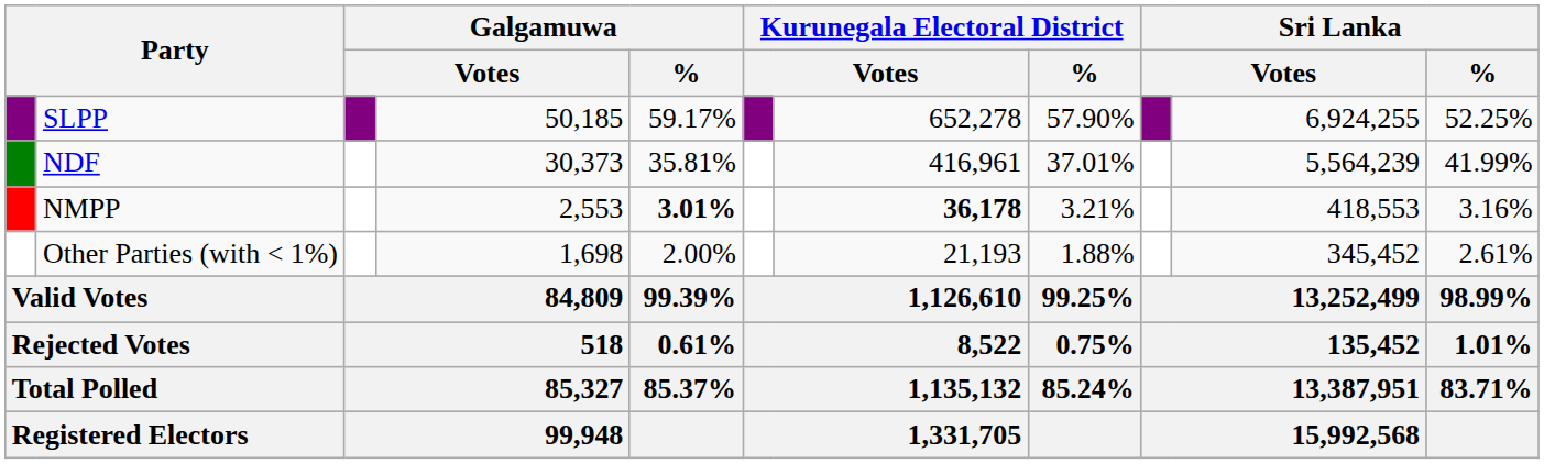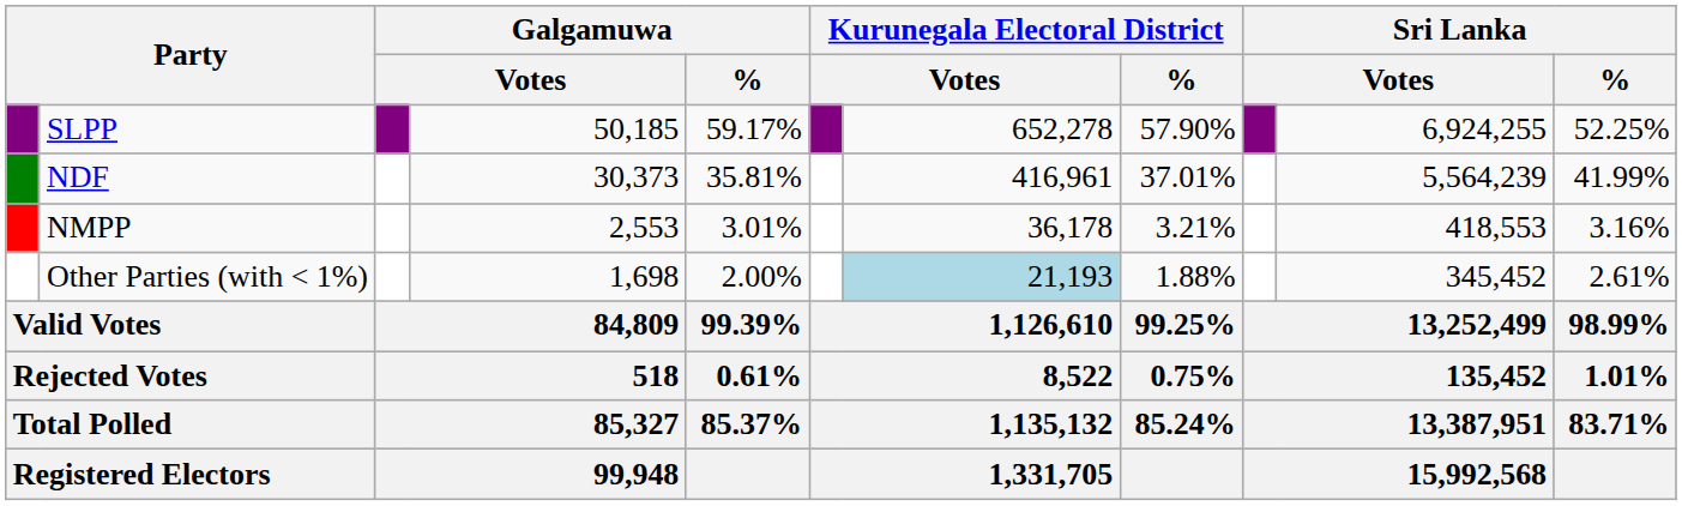 <table class="wikitable">
 <tr>
 <th colspan="2" width="144px"rowspan="2">Party</th>
 <th colspan="3" width="216px">Galgamuwa</th>
 <th colspan="3" width="216px"><a href='#'>Kurunegala Electoral District</a></th>
 <th colspan="3" width="216px">Sri Lanka</th>
 </tr>
 <tr>
 <th colspan="2" width="144px">Votes</th>
 <th>%</th>
 <th colspan="2" width="144px">Votes</th>
 <th>%</th>
 <th colspan="2" width="144px">Votes</th>
 <th>%</th>
 </tr>
 <tr>
 <td style="background-color:purple;" width="10px"></td>
 <td style="text-align:left;"><a href='#'>SLPP</a></td>
 <td style="background-color:purple;" width="10px"></td>
 <td style="text-align:right;">50,185</td>
 <td style="text-align:right;">59.17%</td>
 <td style="background-color:purple;" width="10px"></td>
 <td style="text-align:right;">652,278</td>
 <td style="text-align:right;">57.90%</td>
 <td style="background-color:purple;" width="10px"></td>
 <td style="text-align:right;">6,924,255</td>
 <td style="text-align:right;">52.25%</td>
 </tr>
 <tr>
 <td style="background-color:green;" width="10px"></td>
 <td style="text-align:left;"><a href='#'>NDF</a></td>
 <td style="background-color:white;" width="10px"></td>
 <td style="text-align:right;">30,373</td>
 <td style="text-align:right;">35.81%</td>
 <td style="background-color:white;" width="10px"></td>
 <td style="text-align:right;">416,961</td>
 <td style="text-align:right;">37.01%</td>
 <td style="background-color:white;" width="10px"></td>
 <td style="text-align:right;">5,564,239</td>
 <td style="text-align:right;">41.99%</td>
 </tr>
 <tr>
 <td style="background-color:red;" width="10px"></td>
 <td style="text-align:left;">NMPP</td>
 <td style="background-color:white;" width="10px"></td>
 <td style="text-align:right;">2,553</td>
-<td style="text-align:right;"><strong>3.01%</strong></td>
+<td style="text-align:right;">3.01%</td>
 <td style="background-color:white;" width="10px"></td>
-<td style="text-align:right;"><strong>36,178</strong></td>
+<td style="text-align:right;">36,178</td>
 <td style="text-align:right;">3.21%</td>
 <td style="background-color:white;" width="10px"></td>
 <td style="text-align:right;">418,553</td>
 <td style="text-align:right;">3.16%</td>
 </tr>
 <tr>
 <td style="background-color:white;" width="10px"></td>
 <td style="text-align:left;">Other Parties (with < 1%)</td>
 <td style="background-color:white;" width="10px"></td>
 <td style="text-align:right;">1,698</td>
 <td style="text-align:right;">2.00%</td>
 <td style="background-color:white;" width="10px"></td>
-<td style="text-align:right;">21,193</td>
+<td style="background: lightblue; text-align:right;">21,193</td>
 <td style="text-align:right;">1.88%</td>
 <td style="background-color:white;" width="10px"></td>
 <td style="text-align:right;">345,452</td>
 <td style="text-align:right;">2.61%</td>
 </tr>
 <tr>
 <th colspan="2" width="144px"style="text-align:left;">Valid Votes</th>
 <th style="text-align:right;"colspan="2" width="144px">84,809</th>
 <th style="text-align:right;">99.39%</th>
 <th style="text-align:right;"colspan="2" width="144px">1,126,610</th>
 <th style="text-align:right;">99.25%</th>
 <th style="text-align:right;"colspan="2" width="144px">13,252,499</th>
 <th style="text-align:right;">98.99%</th>
 </tr>
 <tr>
 <th colspan="2" width="144px"style="text-align:left;">Rejected Votes</th>
 <th style="text-align:right;"colspan="2" width="144px">518</th>
 <th style="text-align:right;">0.61%</th>
 <th style="text-align:right;"colspan="2" width="144px">8,522</th>
 <th style="text-align:right;">0.75%</th>
 <th style="text-align:right;"colspan="2" width="144px">135,452</th>
 <th style="text-align:right;">1.01%</th>
 </tr>
 <tr>
 <th colspan="2" width="144px"style="text-align:left;">Total Polled</th>
 <th style="text-align:right;"colspan="2" width="144px">85,327</th>
 <th style="text-align:right;">85.37%</th>
 <th style="text-align:right;"colspan="2" width="144px">1,135,132</th>
 <th style="text-align:right;">85.24%</th>
 <th style="text-align:right;"colspan="2" width="144px">13,387,951</th>
 <th style="text-align:right;">83.71%</th>
 </tr>
 <tr>
 <th colspan="2" width="144px"style="text-align:left;">Registered Electors</th>
 <th style="text-align:right;"colspan="2" width="144px">99,948</th>
 <th></th>
 <th style="text-align:right;"colspan="2" width="144px">1,331,705</th>
 <th></th>
 <th style="text-align:right;"colspan="2" width="144px">15,992,568</th>
 <th></th>
 </tr>
 </table>
